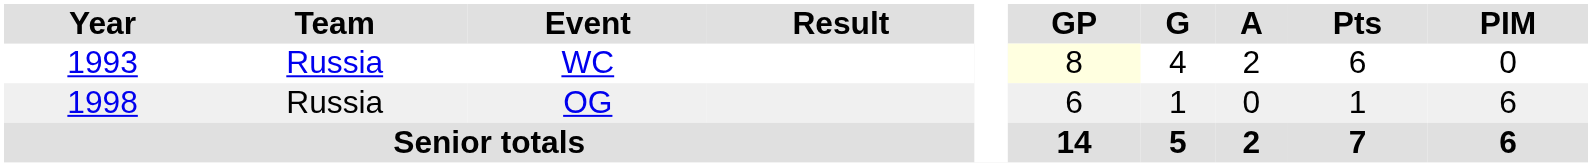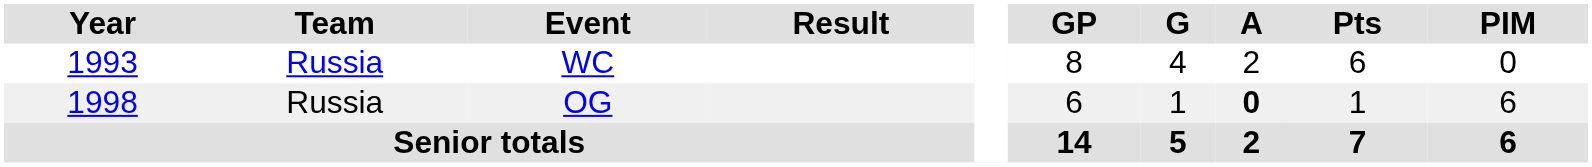 <table border="0" cellpadding="1" cellspacing="0" style="text-align:center; width:50em">
 <tr ALIGN="center" bgcolor="#e0e0e0">
 <th>Year</th>
 <th>Team</th>
 <th>Event</th>
 <th>Result</th>
 <th rowspan="99" bgcolor="#ffffff"> </th>
 <th>GP</th>
 <th>G</th>
 <th>A</th>
 <th>Pts</th>
 <th>PIM</th>
 </tr>
 <tr>
 <td><a href='#'>1993</a></td>
 <td><a href='#'>Russia</a></td>
 <td><a href='#'>WC</a></td>
 <td></td>
-<td style="background: lightyellow;">8</td>
+<td>8</td>
 <td>4</td>
 <td>2</td>
 <td>6</td>
 <td>0</td>
 </tr>
 <tr bgcolor="#f0f0f0">
 <td><a href='#'>1998</a></td>
 <td>Russia</td>
 <td><a href='#'>OG</a></td>
 <td></td>
 <td>6</td>
 <td>1</td>
-<td>0</td>
+<td><strong>0</strong></td>
 <td>1</td>
 <td>6</td>
 </tr>
 <tr bgcolor="#e0e0e0">
 <th colspan=4>Senior totals</th>
 <th>14</th>
 <th>5</th>
 <th>2</th>
 <th>7</th>
 <th>6</th>
 </tr>
 </table>
